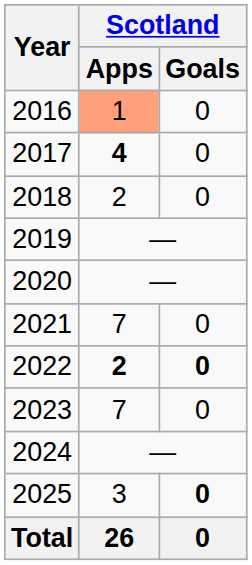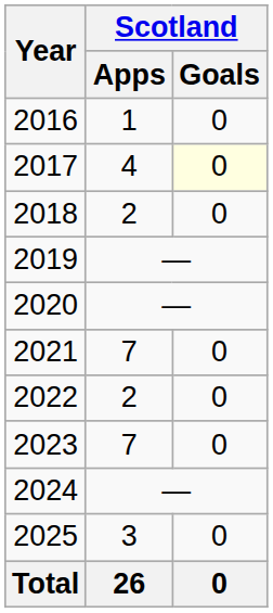 <table class="wikitable" style="text-align:center">
 <tr>
 <th rowspan=2>Year</th>
 <th colspan=2><a href='#'>Scotland</a></th>
 </tr>
 <tr>
 <th>Apps</th>
 <th>Goals</th>
 </tr>
 <tr>
 <td>2016</td>
-<td style="background: lightsalmon;">1</td>
+<td>1</td>
 <td>0</td>
 </tr>
 <tr>
 <td>2017</td>
-<td><strong>4</strong></td>
-<td>0</td>
+<td>4</td>
+<td style="background: lightyellow;">0</td>
 </tr>
 <tr>
 <td>2018</td>
 <td>2</td>
 <td>0</td>
 </tr>
 <tr>
 <td>2019</td>
 <td colspan=2>—</td>
 </tr>
 <tr>
 <td>2020</td>
 <td colspan=2>—</td>
 </tr>
 <tr>
 <td>2021</td>
 <td>7</td>
 <td>0</td>
 </tr>
 <tr>
 <td>2022</td>
-<td><strong>2</strong></td>
-<td><strong>0</strong></td>
+<td>2</td>
+<td>0</td>
 </tr>
 <tr>
 <td>2023</td>
 <td>7</td>
 <td>0</td>
 </tr>
 <tr>
 <td>2024</td>
 <td colspan=2>—</td>
 </tr>
 <tr>
 <td>2025</td>
 <td>3</td>
-<td><strong>0</strong></td>
+<td>0</td>
 </tr>
 <tr>
 <th>Total</th>
 <th>26</th>
 <th>0</th>
 </tr>
 </table>
